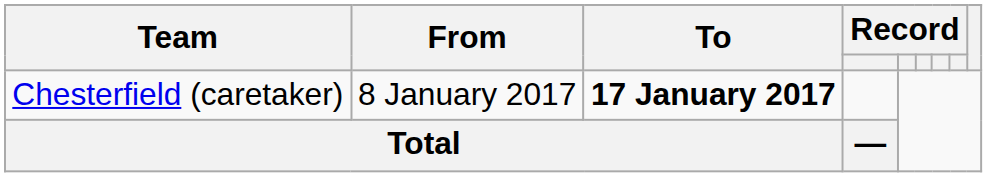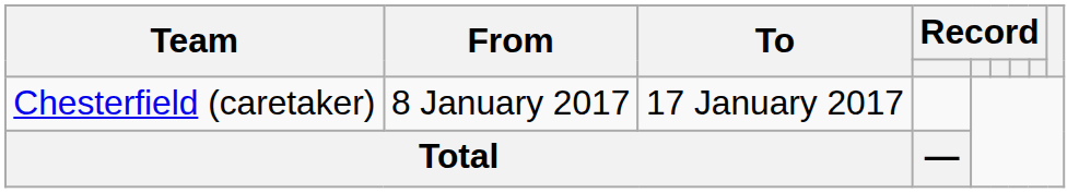 <table class=wikitable style="text-align: center">
 <tr>
 <th rowspan="2">Team</th>
 <th rowspan="2">From</th>
 <th rowspan="2">To</th>
 <th colspan="5">Record</th>
 <th rowspan="2"></th>
 </tr>
 <tr>
 <th></th>
 <th></th>
 <th></th>
 <th></th>
 <th></th>
 </tr>
 <tr>
 <td align=left><a href='#'>Chesterfield</a> (caretaker)</td>
 <td align=left>8 January 2017</td>
-<td align=left><strong>17 January 2017<br></strong></td>
+<td align=left>17 January 2017<br></td>
 <td></td>
 </tr>
 <tr>
 <th colspan="3">Total<br></th>
 <th>—</th>
 </tr>
 </table>
